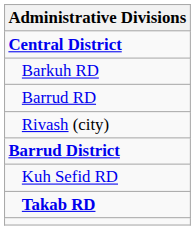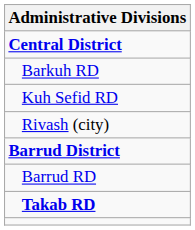 <table class="wikitable">
 <tr>
 <th>Administrative Divisions</th>
 </tr>
 <tr>
 <td><strong><a href='#'>Central District</a></strong></td>
 </tr>
 <tr>
 <td style="padding-left: 1em;"><a href='#'>Barkuh RD</a></td>
 </tr>
 <tr>
-<td style="padding-left: 1em;"><a href='#'>Barrud RD</a></td>
+<td style="padding-left: 1em;"><a href='#'>Kuh Sefid RD</a></td>
 </tr>
 <tr>
 <td style="padding-left: 1em;"><a href='#'>Rivash</a> (city)</td>
 </tr>
 <tr>
 <td><strong><a href='#'>Barrud District</a></strong></td>
 </tr>
 <tr>
-<td style="padding-left: 1em;"><a href='#'>Kuh Sefid RD</a></td>
+<td style="padding-left: 1em;"><a href='#'>Barrud RD</a></td>
 </tr>
 <tr>
 <td style="padding-left: 1em;"><strong><a href='#'>Takab RD</a></strong></td>
 </tr>
 <tr>
 <td colspan=1></td>
 </tr>
 </table>
